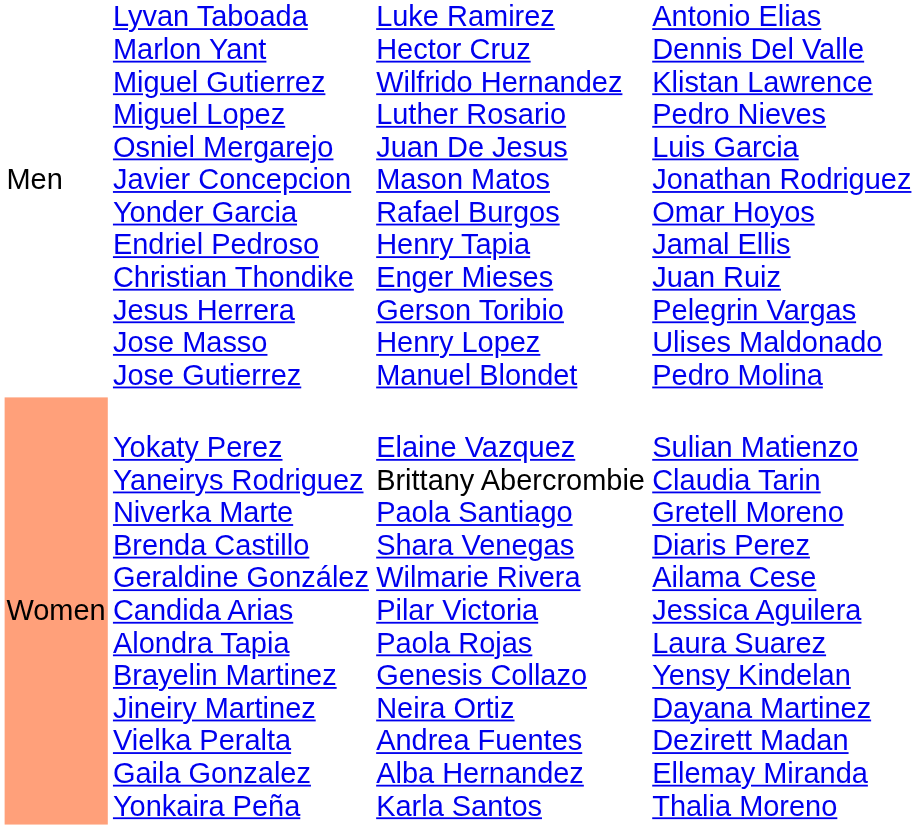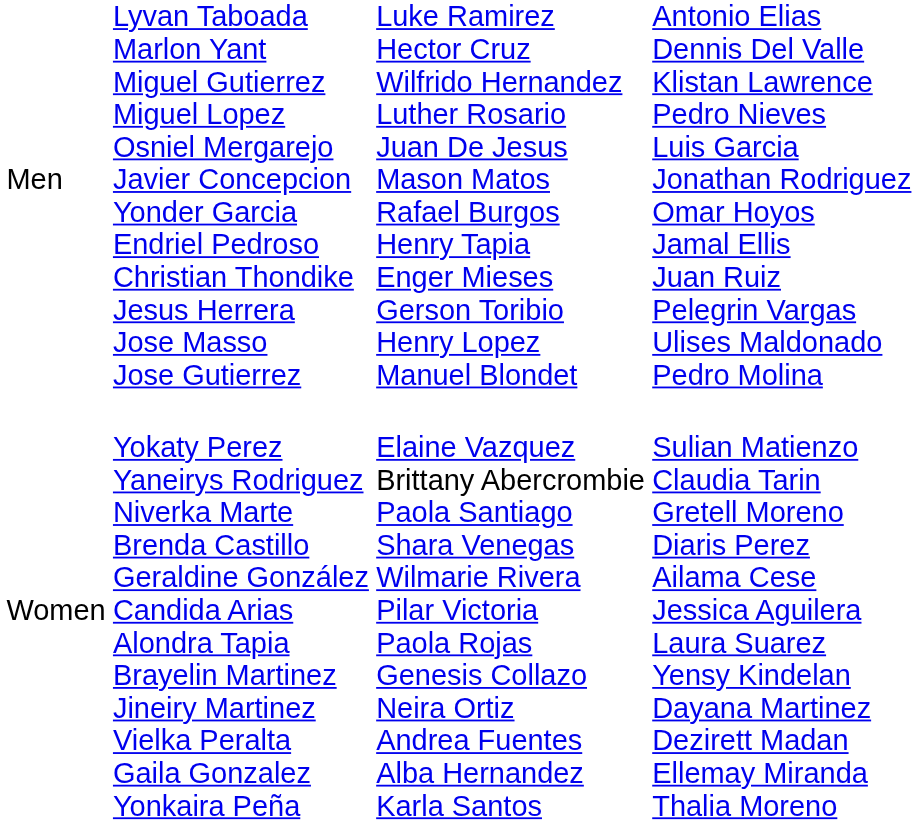 <table>
 <tr>
 <td>Men</td>
 <td><br><a href='#'>Lyvan Taboada</a><br><a href='#'>Marlon Yant</a><br><a href='#'>Miguel Gutierrez</a><br><a href='#'>Miguel Lopez</a><br><a href='#'>Osniel Mergarejo</a><br><a href='#'>Javier Concepcion</a><br><a href='#'>Yonder Garcia</a><br><a href='#'>Endriel Pedroso</a><br><a href='#'>Christian Thondike</a><br><a href='#'>Jesus Herrera</a><br><a href='#'>Jose Masso</a><br><a href='#'>Jose Gutierrez</a></td>
 <td><br><a href='#'>Luke Ramirez</a><br><a href='#'>Hector Cruz</a><br><a href='#'>Wilfrido Hernandez</a><br><a href='#'>Luther Rosario</a><br><a href='#'>Juan De Jesus</a><br><a href='#'>Mason Matos</a><br><a href='#'>Rafael Burgos</a><br><a href='#'>Henry Tapia</a><br><a href='#'>Enger Mieses</a><br><a href='#'>Gerson Toribio</a><br><a href='#'>Henry Lopez</a><br><a href='#'>Manuel Blondet</a></td>
 <td><br><a href='#'>Antonio Elias</a><br><a href='#'>Dennis Del Valle</a><br><a href='#'>Klistan Lawrence</a><br><a href='#'>Pedro Nieves</a><br><a href='#'>Luis Garcia</a><br><a href='#'>Jonathan Rodriguez</a><br><a href='#'>Omar Hoyos</a><br><a href='#'>Jamal Ellis</a><br><a href='#'>Juan Ruiz</a><br><a href='#'>Pelegrin Vargas</a><br><a href='#'>Ulises Maldonado</a><br><a href='#'>Pedro Molina</a></td>
 </tr>
 <tr>
-<td style="background: lightsalmon;">Women</td>
+<td>Women</td>
 <td><br><a href='#'>Yokaty Perez</a><br><a href='#'>Yaneirys Rodriguez</a><br><a href='#'>Niverka Marte</a><br><a href='#'>Brenda Castillo</a><br><a href='#'>Geraldine González</a><br><a href='#'>Candida Arias</a><br><a href='#'>Alondra Tapia</a><br><a href='#'>Brayelin Martinez</a><br><a href='#'>Jineiry Martinez</a><br><a href='#'>Vielka Peralta</a><br><a href='#'>Gaila Gonzalez</a><br><a href='#'>Yonkaira Peña</a></td>
 <td><br><a href='#'>Elaine Vazquez</a><br>Brittany Abercrombie<br><a href='#'>Paola Santiago</a><br><a href='#'>Shara Venegas</a><br><a href='#'>Wilmarie Rivera</a><br><a href='#'>Pilar Victoria</a><br><a href='#'>Paola Rojas</a><br><a href='#'>Genesis Collazo</a><br><a href='#'>Neira Ortiz</a><br><a href='#'>Andrea Fuentes</a><br><a href='#'>Alba Hernandez</a><br><a href='#'>Karla Santos</a></td>
 <td><br><a href='#'>Sulian Matienzo</a><br><a href='#'>Claudia Tarin</a><br><a href='#'>Gretell Moreno</a><br><a href='#'>Diaris Perez</a><br><a href='#'>Ailama Cese</a><br><a href='#'>Jessica Aguilera</a><br><a href='#'>Laura Suarez</a><br><a href='#'>Yensy Kindelan</a><br><a href='#'>Dayana Martinez</a><br><a href='#'>Dezirett Madan</a><br><a href='#'>Ellemay Miranda</a><br><a href='#'>Thalia Moreno</a></td>
 </tr>
 </table>
